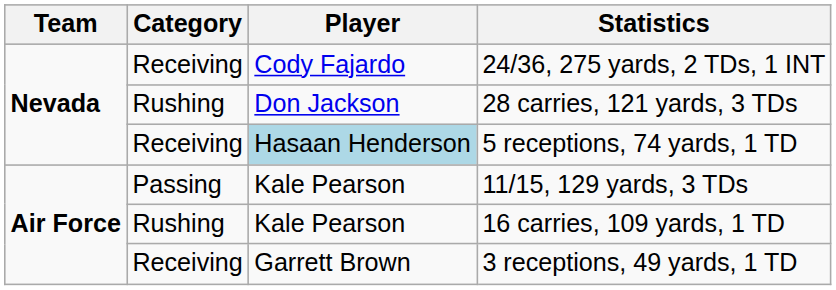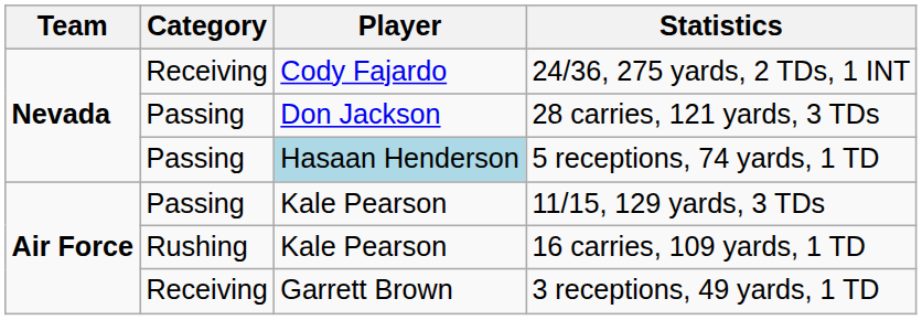 <table class="wikitable" style="float: left;">
 <tr>
 <th>Team</th>
 <th>Category</th>
 <th>Player</th>
 <th>Statistics</th>
 </tr>
 <tr>
 <td rowspan=3><strong>Nevada</strong></td>
 <td>Receiving</td>
 <td><a href='#'>Cody Fajardo</a></td>
 <td>24/36, 275 yards, 2 TDs, 1 INT</td>
 </tr>
 <tr>
-<td>Rushing</td>
+<td>Passing</td>
 <td><a href='#'>Don Jackson</a></td>
 <td>28 carries, 121 yards, 3 TDs</td>
 </tr>
 <tr>
-<td>Receiving</td>
+<td>Passing</td>
 <td style="background: lightblue;">Hasaan Henderson</td>
 <td>5 receptions, 74 yards, 1 TD</td>
 </tr>
 <tr>
 <td rowspan=3><strong>Air Force</strong></td>
 <td>Passing</td>
 <td>Kale Pearson</td>
 <td>11/15, 129 yards, 3 TDs</td>
 </tr>
 <tr>
 <td>Rushing</td>
 <td>Kale Pearson</td>
 <td>16 carries, 109 yards, 1 TD</td>
 </tr>
 <tr>
 <td>Receiving</td>
 <td>Garrett Brown</td>
 <td>3 receptions, 49 yards, 1 TD</td>
 </tr>
 </table>
